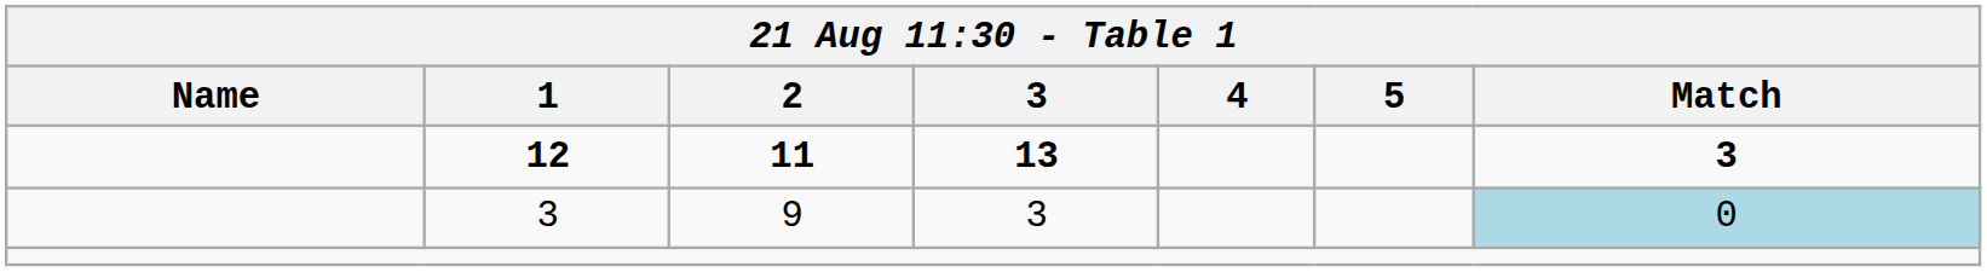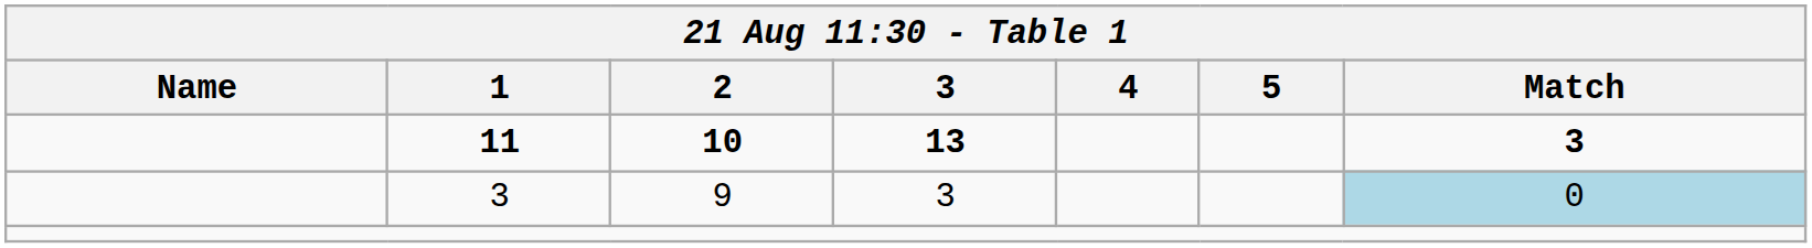 <table class=wikitable style="text-align:center; width: 55%">
 <tr>
 <th colspan=17><em>21 Aug 11:30 - Table 1</em></th>
 </tr>
 <tr>
 <th>Name</th>
 <th>1</th>
 <th>2</th>
 <th>3</th>
 <th>4</th>
 <th>5</th>
 <th>Match</th>
 </tr>
 <tr>
 <td style="text-align:left;"><strong></strong></td>
-<td><strong>12</strong></td>
 <td><strong>11</strong></td>
+<td><strong>10</strong></td>
 <td><strong>13</strong></td>
 <td></td>
 <td></td>
 <td><strong>3</strong></td>
 </tr>
 <tr>
 <td style="text-align:left;"></td>
 <td>3</td>
 <td>9</td>
 <td>3</td>
 <td></td>
 <td></td>
 <td style="background: lightblue;">0</td>
 </tr>
 <tr>
 <td colspan=17></td>
 </tr>
 </table>
